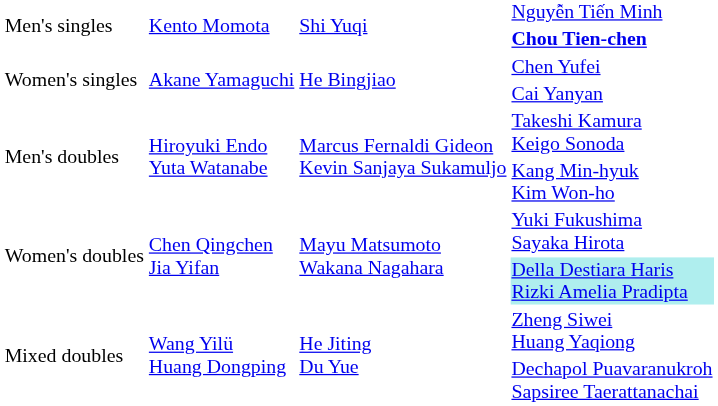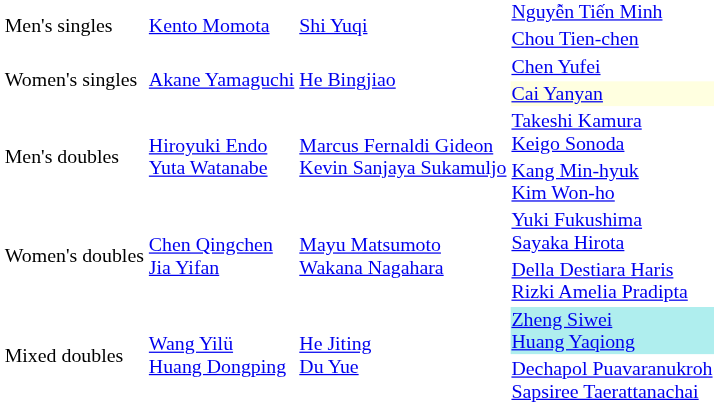 <table>
 <tr>
 <td rowspan="2">Men's singles</td>
 <td rowspan="2"> <a href='#'>Kento Momota</a></td>
 <td rowspan="2"> <a href='#'>Shi Yuqi</a></td>
 <td> <a href='#'>Nguyễn Tiến Minh</a></td>
 </tr>
 <tr>
-<td><strong> <a href='#'>Chou Tien-chen</a></strong></td>
+<td> <a href='#'>Chou Tien-chen</a></td>
 </tr>
 <tr>
 <td rowspan="2">Women's singles</td>
 <td rowspan="2"> <a href='#'>Akane Yamaguchi</a></td>
 <td rowspan="2"> <a href='#'>He Bingjiao</a></td>
 <td> <a href='#'>Chen Yufei</a></td>
 </tr>
 <tr>
-<td> <a href='#'>Cai Yanyan</a></td>
+<td style="background: lightyellow;"> <a href='#'>Cai Yanyan</a></td>
 </tr>
 <tr>
 <td rowspan="2">Men's doubles</td>
 <td rowspan="2"> <a href='#'>Hiroyuki Endo</a><br> <a href='#'>Yuta Watanabe</a></td>
 <td rowspan="2"> <a href='#'>Marcus Fernaldi Gideon</a><br> <a href='#'>Kevin Sanjaya Sukamuljo</a></td>
 <td> <a href='#'>Takeshi Kamura</a><br> <a href='#'>Keigo Sonoda</a></td>
 </tr>
 <tr>
 <td> <a href='#'>Kang Min-hyuk</a><br> <a href='#'>Kim Won-ho</a></td>
 </tr>
 <tr>
 <td rowspan="2">Women's doubles</td>
 <td rowspan="2"> <a href='#'>Chen Qingchen</a><br> <a href='#'>Jia Yifan</a></td>
 <td rowspan="2"> <a href='#'>Mayu Matsumoto</a><br> <a href='#'>Wakana Nagahara</a></td>
 <td> <a href='#'>Yuki Fukushima</a><br> <a href='#'>Sayaka Hirota</a></td>
 </tr>
 <tr>
-<td style="background: paleturquoise;"> <a href='#'>Della Destiara Haris</a><br> <a href='#'>Rizki Amelia Pradipta</a></td>
+<td> <a href='#'>Della Destiara Haris</a><br> <a href='#'>Rizki Amelia Pradipta</a></td>
 </tr>
 <tr>
 <td rowspan="2">Mixed doubles</td>
 <td rowspan="2"> <a href='#'>Wang Yilü</a><br> <a href='#'>Huang Dongping</a></td>
 <td rowspan="2"> <a href='#'>He Jiting</a><br> <a href='#'>Du Yue</a></td>
-<td> <a href='#'>Zheng Siwei</a><br> <a href='#'>Huang Yaqiong</a></td>
+<td style="background: paleturquoise;"> <a href='#'>Zheng Siwei</a><br> <a href='#'>Huang Yaqiong</a></td>
 </tr>
 <tr>
 <td> <a href='#'>Dechapol Puavaranukroh</a><br> <a href='#'>Sapsiree Taerattanachai</a></td>
 </tr>
 </table>
